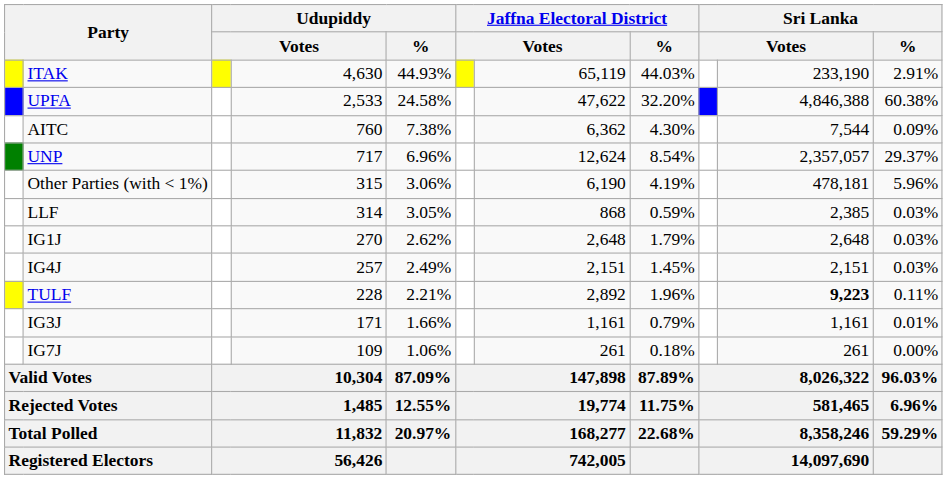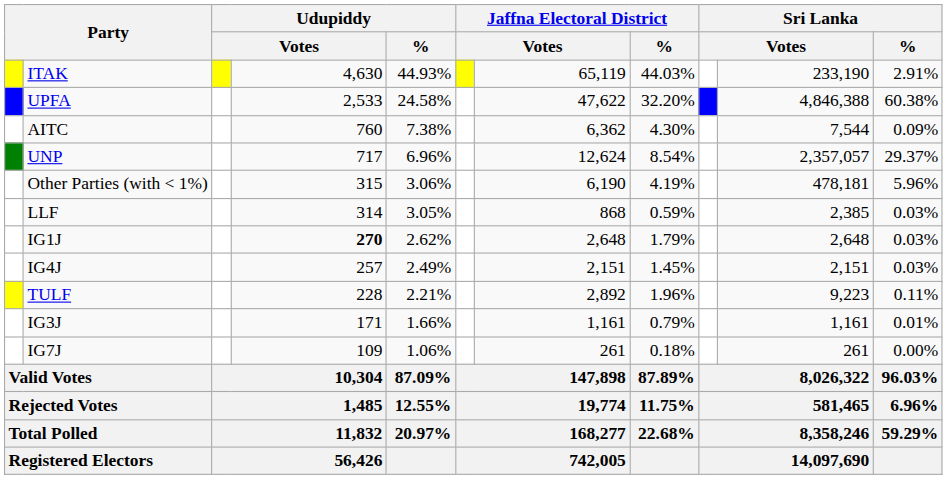 <table class="wikitable">
 <tr>
 <th colspan="2" width="144px"rowspan="2">Party</th>
 <th colspan="3" width="216px">Udupiddy</th>
 <th colspan="3" width="216px"><a href='#'>Jaffna Electoral District</a></th>
 <th colspan="3" width="216px">Sri Lanka</th>
 </tr>
 <tr>
 <th colspan="2" width="144px">Votes</th>
 <th>%</th>
 <th colspan="2" width="144px">Votes</th>
 <th>%</th>
 <th colspan="2" width="144px">Votes</th>
 <th>%</th>
 </tr>
 <tr>
 <td style="background-color:yellow;" width="10px"></td>
 <td style="text-align:left;"><a href='#'>ITAK</a></td>
 <td style="background-color:yellow;" width="10px"></td>
 <td style="text-align:right;">4,630</td>
 <td style="text-align:right;">44.93%</td>
 <td style="background-color:yellow;" width="10px"></td>
 <td style="text-align:right;">65,119</td>
 <td style="text-align:right;">44.03%</td>
 <td style="background-color:white;" width="10px"></td>
 <td style="text-align:right;">233,190</td>
 <td style="text-align:right;">2.91%</td>
 </tr>
 <tr>
 <td style="background-color:blue;" width="10px"></td>
 <td style="text-align:left;"><a href='#'>UPFA</a></td>
 <td style="background-color:white;" width="10px"></td>
 <td style="text-align:right;">2,533</td>
 <td style="text-align:right;">24.58%</td>
 <td style="background-color:white;" width="10px"></td>
 <td style="text-align:right;">47,622</td>
 <td style="text-align:right;">32.20%</td>
 <td style="background-color:blue;" width="10px"></td>
 <td style="text-align:right;">4,846,388</td>
 <td style="text-align:right;">60.38%</td>
 </tr>
 <tr>
 <td style="background-color:white;" width="10px"></td>
 <td style="text-align:left;">AITC</td>
 <td style="background-color:white;" width="10px"></td>
 <td style="text-align:right;">760</td>
 <td style="text-align:right;">7.38%</td>
 <td style="background-color:white;" width="10px"></td>
 <td style="text-align:right;">6,362</td>
 <td style="text-align:right;">4.30%</td>
 <td style="background-color:white;" width="10px"></td>
 <td style="text-align:right;">7,544</td>
 <td style="text-align:right;">0.09%</td>
 </tr>
 <tr>
 <td style="background-color:green;" width="10px"></td>
 <td style="text-align:left;"><a href='#'>UNP</a></td>
 <td style="background-color:white;" width="10px"></td>
 <td style="text-align:right;">717</td>
 <td style="text-align:right;">6.96%</td>
 <td style="background-color:white;" width="10px"></td>
 <td style="text-align:right;">12,624</td>
 <td style="text-align:right;">8.54%</td>
 <td style="background-color:white;" width="10px"></td>
 <td style="text-align:right;">2,357,057</td>
 <td style="text-align:right;">29.37%</td>
 </tr>
 <tr>
 <td style="background-color:white;" width="10px"></td>
 <td style="text-align:left;">Other Parties (with < 1%)</td>
 <td style="background-color:white;" width="10px"></td>
 <td style="text-align:right;">315</td>
 <td style="text-align:right;">3.06%</td>
 <td style="background-color:white;" width="10px"></td>
 <td style="text-align:right;">6,190</td>
 <td style="text-align:right;">4.19%</td>
 <td style="background-color:white;" width="10px"></td>
 <td style="text-align:right;">478,181</td>
 <td style="text-align:right;">5.96%</td>
 </tr>
 <tr>
 <td style="background-color:white;" width="10px"></td>
 <td style="text-align:left;">LLF</td>
 <td style="background-color:white;" width="10px"></td>
 <td style="text-align:right;">314</td>
 <td style="text-align:right;">3.05%</td>
 <td style="background-color:white;" width="10px"></td>
 <td style="text-align:right;">868</td>
 <td style="text-align:right;">0.59%</td>
 <td style="background-color:white;" width="10px"></td>
 <td style="text-align:right;">2,385</td>
 <td style="text-align:right;">0.03%</td>
 </tr>
 <tr>
 <td style="background-color:white;" width="10px"></td>
 <td style="text-align:left;">IG1J</td>
 <td style="background-color:white;" width="10px"></td>
-<td style="text-align:right;">270</td>
+<td style="text-align:right;"><strong>270</strong></td>
 <td style="text-align:right;">2.62%</td>
 <td style="background-color:white;" width="10px"></td>
 <td style="text-align:right;">2,648</td>
 <td style="text-align:right;">1.79%</td>
 <td style="background-color:white;" width="10px"></td>
 <td style="text-align:right;">2,648</td>
 <td style="text-align:right;">0.03%</td>
 </tr>
 <tr>
 <td style="background-color:white;" width="10px"></td>
 <td style="text-align:left;">IG4J</td>
 <td style="background-color:white;" width="10px"></td>
 <td style="text-align:right;">257</td>
 <td style="text-align:right;">2.49%</td>
 <td style="background-color:white;" width="10px"></td>
 <td style="text-align:right;">2,151</td>
 <td style="text-align:right;">1.45%</td>
 <td style="background-color:white;" width="10px"></td>
 <td style="text-align:right;">2,151</td>
 <td style="text-align:right;">0.03%</td>
 </tr>
 <tr>
 <td style="background-color:yellow;" width="10px"></td>
 <td style="text-align:left;"><a href='#'>TULF</a></td>
 <td style="background-color:white;" width="10px"></td>
 <td style="text-align:right;">228</td>
 <td style="text-align:right;">2.21%</td>
 <td style="background-color:white;" width="10px"></td>
 <td style="text-align:right;">2,892</td>
 <td style="text-align:right;">1.96%</td>
 <td style="background-color:white;" width="10px"></td>
-<td style="text-align:right;"><strong>9,223</strong></td>
+<td style="text-align:right;">9,223</td>
 <td style="text-align:right;">0.11%</td>
 </tr>
 <tr>
 <td style="background-color:white;" width="10px"></td>
 <td style="text-align:left;">IG3J</td>
 <td style="background-color:white;" width="10px"></td>
 <td style="text-align:right;">171</td>
 <td style="text-align:right;">1.66%</td>
 <td style="background-color:white;" width="10px"></td>
 <td style="text-align:right;">1,161</td>
 <td style="text-align:right;">0.79%</td>
 <td style="background-color:white;" width="10px"></td>
 <td style="text-align:right;">1,161</td>
 <td style="text-align:right;">0.01%</td>
 </tr>
 <tr>
 <td style="background-color:white;" width="10px"></td>
 <td style="text-align:left;">IG7J</td>
 <td style="background-color:white;" width="10px"></td>
 <td style="text-align:right;">109</td>
 <td style="text-align:right;">1.06%</td>
 <td style="background-color:white;" width="10px"></td>
 <td style="text-align:right;">261</td>
 <td style="text-align:right;">0.18%</td>
 <td style="background-color:white;" width="10px"></td>
 <td style="text-align:right;">261</td>
 <td style="text-align:right;">0.00%</td>
 </tr>
 <tr>
 <th colspan="2" width="144px"style="text-align:left;">Valid Votes</th>
 <th style="text-align:right;"colspan="2" width="144px">10,304</th>
 <th style="text-align:right;">87.09%</th>
 <th style="text-align:right;"colspan="2" width="144px">147,898</th>
 <th style="text-align:right;">87.89%</th>
 <th style="text-align:right;"colspan="2" width="144px">8,026,322</th>
 <th style="text-align:right;">96.03%</th>
 </tr>
 <tr>
 <th colspan="2" width="144px"style="text-align:left;">Rejected Votes</th>
 <th style="text-align:right;"colspan="2" width="144px">1,485</th>
 <th style="text-align:right;">12.55%</th>
 <th style="text-align:right;"colspan="2" width="144px">19,774</th>
 <th style="text-align:right;">11.75%</th>
 <th style="text-align:right;"colspan="2" width="144px">581,465</th>
 <th style="text-align:right;">6.96%</th>
 </tr>
 <tr>
 <th colspan="2" width="144px"style="text-align:left;">Total Polled</th>
 <th style="text-align:right;"colspan="2" width="144px">11,832</th>
 <th style="text-align:right;">20.97%</th>
 <th style="text-align:right;"colspan="2" width="144px">168,277</th>
 <th style="text-align:right;">22.68%</th>
 <th style="text-align:right;"colspan="2" width="144px">8,358,246</th>
 <th style="text-align:right;">59.29%</th>
 </tr>
 <tr>
 <th colspan="2" width="144px"style="text-align:left;">Registered Electors</th>
 <th style="text-align:right;"colspan="2" width="144px">56,426</th>
 <th></th>
 <th style="text-align:right;"colspan="2" width="144px">742,005</th>
 <th></th>
 <th style="text-align:right;"colspan="2" width="144px">14,097,690</th>
 <th></th>
 </tr>
 </table>
